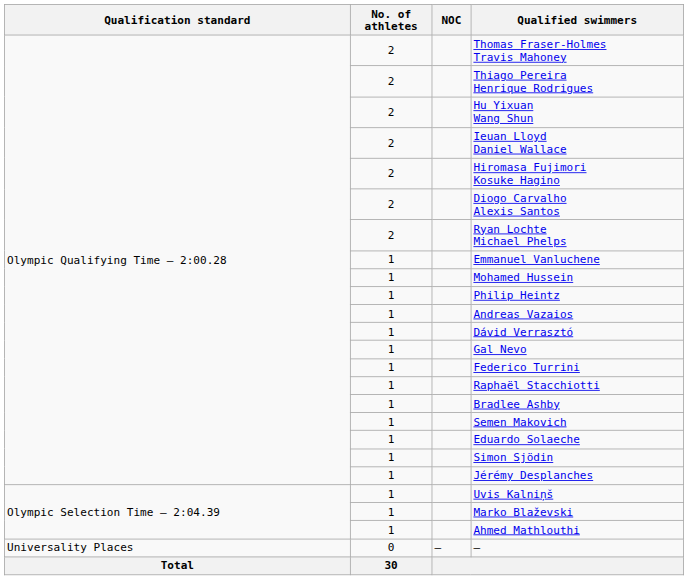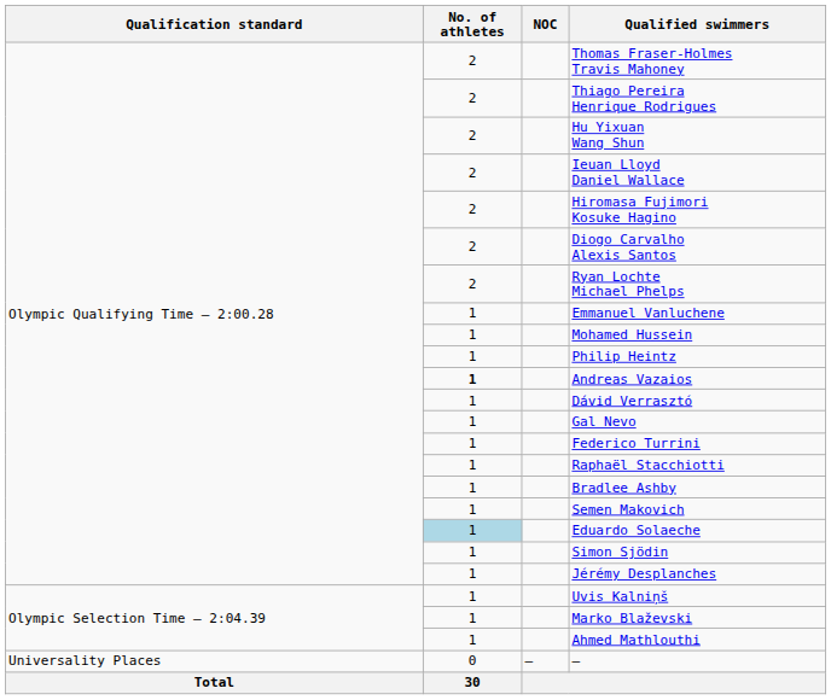 <table class=wikitable style="text-align:left" width=800>
 <tr>
 <th>Qualification standard</th>
 <th width=90>No. of athletes</th>
 <th>NOC</th>
 <th>Qualified swimmers</th>
 </tr>
 <tr>
 <td rowspan=20>Olympic Qualifying Time – 2:00.28</td>
 <td align=center>2</td>
 <td></td>
 <td><a href='#'>Thomas Fraser-Holmes</a><br><a href='#'>Travis Mahoney</a></td>
 </tr>
 <tr>
 <td align=center>2</td>
 <td></td>
 <td><a href='#'>Thiago Pereira</a><br><a href='#'>Henrique Rodrigues</a></td>
 </tr>
 <tr>
 <td align="center">2</td>
 <td></td>
 <td><a href='#'>Hu Yixuan</a><br><a href='#'>Wang Shun</a></td>
 </tr>
 <tr>
 <td align=center>2</td>
 <td></td>
 <td><a href='#'>Ieuan Lloyd</a><br><a href='#'>Daniel Wallace</a></td>
 </tr>
 <tr>
 <td align=center>2</td>
 <td></td>
 <td><a href='#'>Hiromasa Fujimori</a><br><a href='#'>Kosuke Hagino</a></td>
 </tr>
 <tr>
 <td align=center>2</td>
 <td></td>
 <td><a href='#'>Diogo Carvalho</a><br><a href='#'>Alexis Santos</a></td>
 </tr>
 <tr>
 <td align=center>2</td>
 <td></td>
 <td><a href='#'>Ryan Lochte</a><br><a href='#'>Michael Phelps</a></td>
 </tr>
 <tr>
 <td align=center>1</td>
 <td></td>
 <td><a href='#'>Emmanuel Vanluchene</a></td>
 </tr>
 <tr>
 <td align=center>1</td>
 <td></td>
 <td><a href='#'>Mohamed Hussein</a></td>
 </tr>
 <tr>
 <td align=center>1</td>
 <td></td>
 <td><a href='#'>Philip Heintz</a></td>
 </tr>
 <tr>
-<td align=center>1</td>
+<td align=center><strong>1</strong></td>
 <td></td>
 <td><a href='#'>Andreas Vazaios</a></td>
 </tr>
 <tr>
 <td align=center>1</td>
 <td></td>
 <td><a href='#'>Dávid Verrasztó</a></td>
 </tr>
 <tr>
 <td align=center>1</td>
 <td></td>
 <td><a href='#'>Gal Nevo</a></td>
 </tr>
 <tr>
 <td align=center>1</td>
 <td></td>
 <td><a href='#'>Federico Turrini</a></td>
 </tr>
 <tr>
 <td align=center>1</td>
 <td></td>
 <td><a href='#'>Raphaël Stacchiotti</a></td>
 </tr>
 <tr>
 <td align=center>1</td>
 <td></td>
 <td><a href='#'>Bradlee Ashby</a></td>
 </tr>
 <tr>
 <td align=center>1</td>
 <td></td>
 <td><a href='#'>Semen Makovich</a></td>
 </tr>
 <tr>
-<td align=center>1</td>
+<td align=center style="background: lightblue;">1</td>
 <td></td>
 <td><a href='#'>Eduardo Solaeche</a></td>
 </tr>
 <tr>
 <td align=center>1</td>
 <td></td>
 <td><a href='#'>Simon Sjödin</a></td>
 </tr>
 <tr>
 <td align=center>1</td>
 <td></td>
 <td><a href='#'>Jérémy Desplanches</a></td>
 </tr>
 <tr>
 <td rowspan=3>Olympic Selection Time – 2:04.39</td>
 <td align=center>1</td>
 <td></td>
 <td><a href='#'>Uvis Kalniņš</a></td>
 </tr>
 <tr>
 <td align=center>1</td>
 <td></td>
 <td><a href='#'>Marko Blaževski</a></td>
 </tr>
 <tr>
 <td align=center>1</td>
 <td></td>
 <td><a href='#'>Ahmed Mathlouthi</a></td>
 </tr>
 <tr>
 <td>Universality Places</td>
 <td align=center>0</td>
 <td>—</td>
 <td>—</td>
 </tr>
 <tr>
 <th><strong>Total</strong></th>
 <th>30</th>
 <th colspan=2></th>
 </tr>
 </table>
